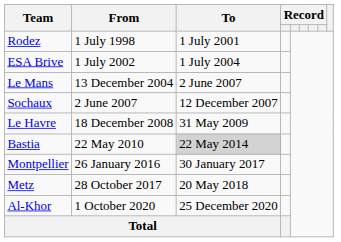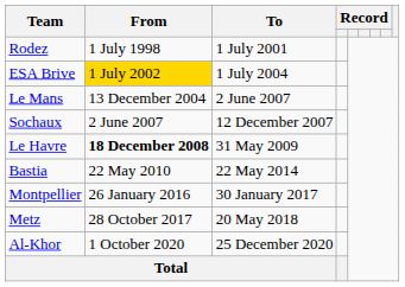 <table class=wikitable style="text-align: center">
 <tr>
 <th rowspan=2>Team</th>
 <th rowspan=2>From</th>
 <th rowspan=2>To</th>
 <th colspan=5>Record</th>
 <th rowspan=2></th>
 </tr>
 <tr>
 <th></th>
 <th></th>
 <th></th>
 <th></th>
 <th></th>
 </tr>
 <tr>
 <td align=left><a href='#'>Rodez</a></td>
 <td align=left>1 July 1998</td>
 <td align=left>1 July 2001<br></td>
 <td></td>
 </tr>
 <tr>
 <td align=left><a href='#'>ESA Brive</a></td>
-<td align=left>1 July 2002</td>
+<td align=left style="background: gold;">1 July 2002</td>
 <td align=left>1 July 2004<br></td>
 <td></td>
 </tr>
 <tr>
 <td align=left><a href='#'>Le Mans</a></td>
 <td align=left>13 December 2004</td>
 <td align=left>2 June 2007<br></td>
 <td></td>
 </tr>
 <tr>
 <td align=left><a href='#'>Sochaux</a></td>
 <td align=left>2 June 2007</td>
 <td align=left>12 December 2007<br></td>
 <td></td>
 </tr>
 <tr>
 <td align=left><a href='#'>Le Havre</a></td>
-<td align=left>18 December 2008</td>
+<td align=left><strong>18 December 2008</strong></td>
 <td align=left>31 May 2009<br></td>
 <td></td>
 </tr>
 <tr>
 <td align=left><a href='#'>Bastia</a></td>
 <td align=left>22 May 2010</td>
-<td align=left style="background: lightgrey;">22 May 2014<br></td>
+<td align=left>22 May 2014<br></td>
 <td></td>
 </tr>
 <tr>
 <td align=left><a href='#'>Montpellier</a></td>
 <td align=left>26 January 2016</td>
 <td align=left>30 January 2017<br></td>
 <td></td>
 </tr>
 <tr>
 <td align=left><a href='#'>Metz</a></td>
 <td align=left>28 October 2017</td>
 <td align=left>20 May 2018<br></td>
 <td></td>
 </tr>
 <tr>
 <td align=left><a href='#'>Al-Khor</a></td>
 <td align=left>1 October 2020</td>
 <td align=left>25 December 2020<br></td>
 <td></td>
 </tr>
 <tr>
 <th colspan=3>Total<br></th>
 <th></th>
 </tr>
 </table>
